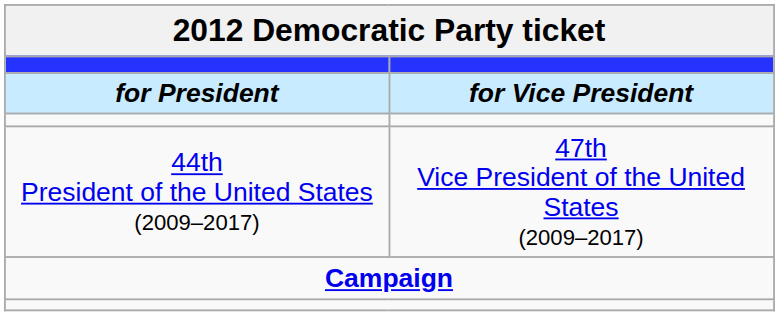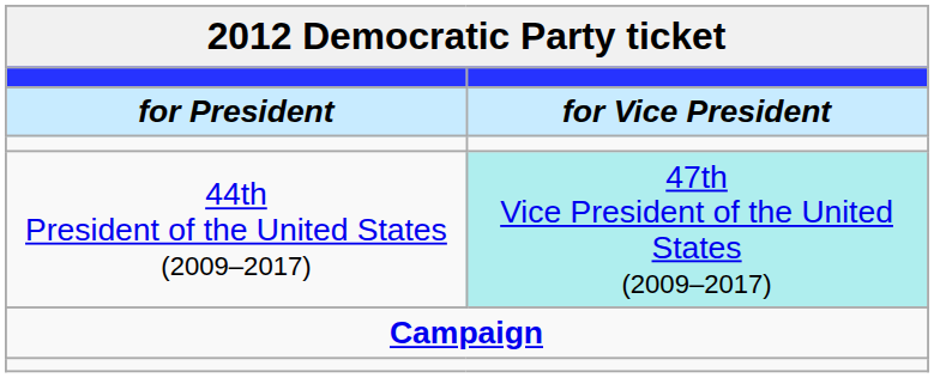 <table class="wikitable" style="font-size:90%; text-align:center;">
 <tr>
 <td style="background:#f1f1f1;" colspan="30"><big><strong>2012 Democratic Party ticket </strong></big></td>
 </tr>
 <tr>
 <th style="width:3em; font-size:135%; background:#2633FF; width:200px;"><a href='#'></a></th>
 <th style="width:3em; font-size:135%; background:#2633FF; width:200px;"><a href='#'></a></th>
 </tr>
 <tr>
 <td style="width:3em; font-size:100%; color:#000; background:#C8EBFF; width:200px;"><strong><em>for President</em></strong></td>
 <td style="width:3em; font-size:100%; color:#000; background:#C8EBFF; width:200px;"><strong><em>for Vice President</em></strong></td>
 </tr>
 <tr>
 <td></td>
 <td></td>
 </tr>
 <tr>
 <td><a href='#'>44th</a><br><a href='#'>President of the United States</a><br><small>(2009–2017)</small></td>
-<td><a href='#'>47th</a><br><a href='#'>Vice President of the United States</a><br><small>(2009–2017)</small></td>
+<td style="background: paleturquoise;"><a href='#'>47th</a><br><a href='#'>Vice President of the United States</a><br><small>(2009–2017)</small></td>
 </tr>
 <tr>
 <td colspan=2><a href='#'><strong>Campaign</strong></a></td>
 </tr>
 <tr>
 <td colspan=2></td>
 </tr>
 </table>
